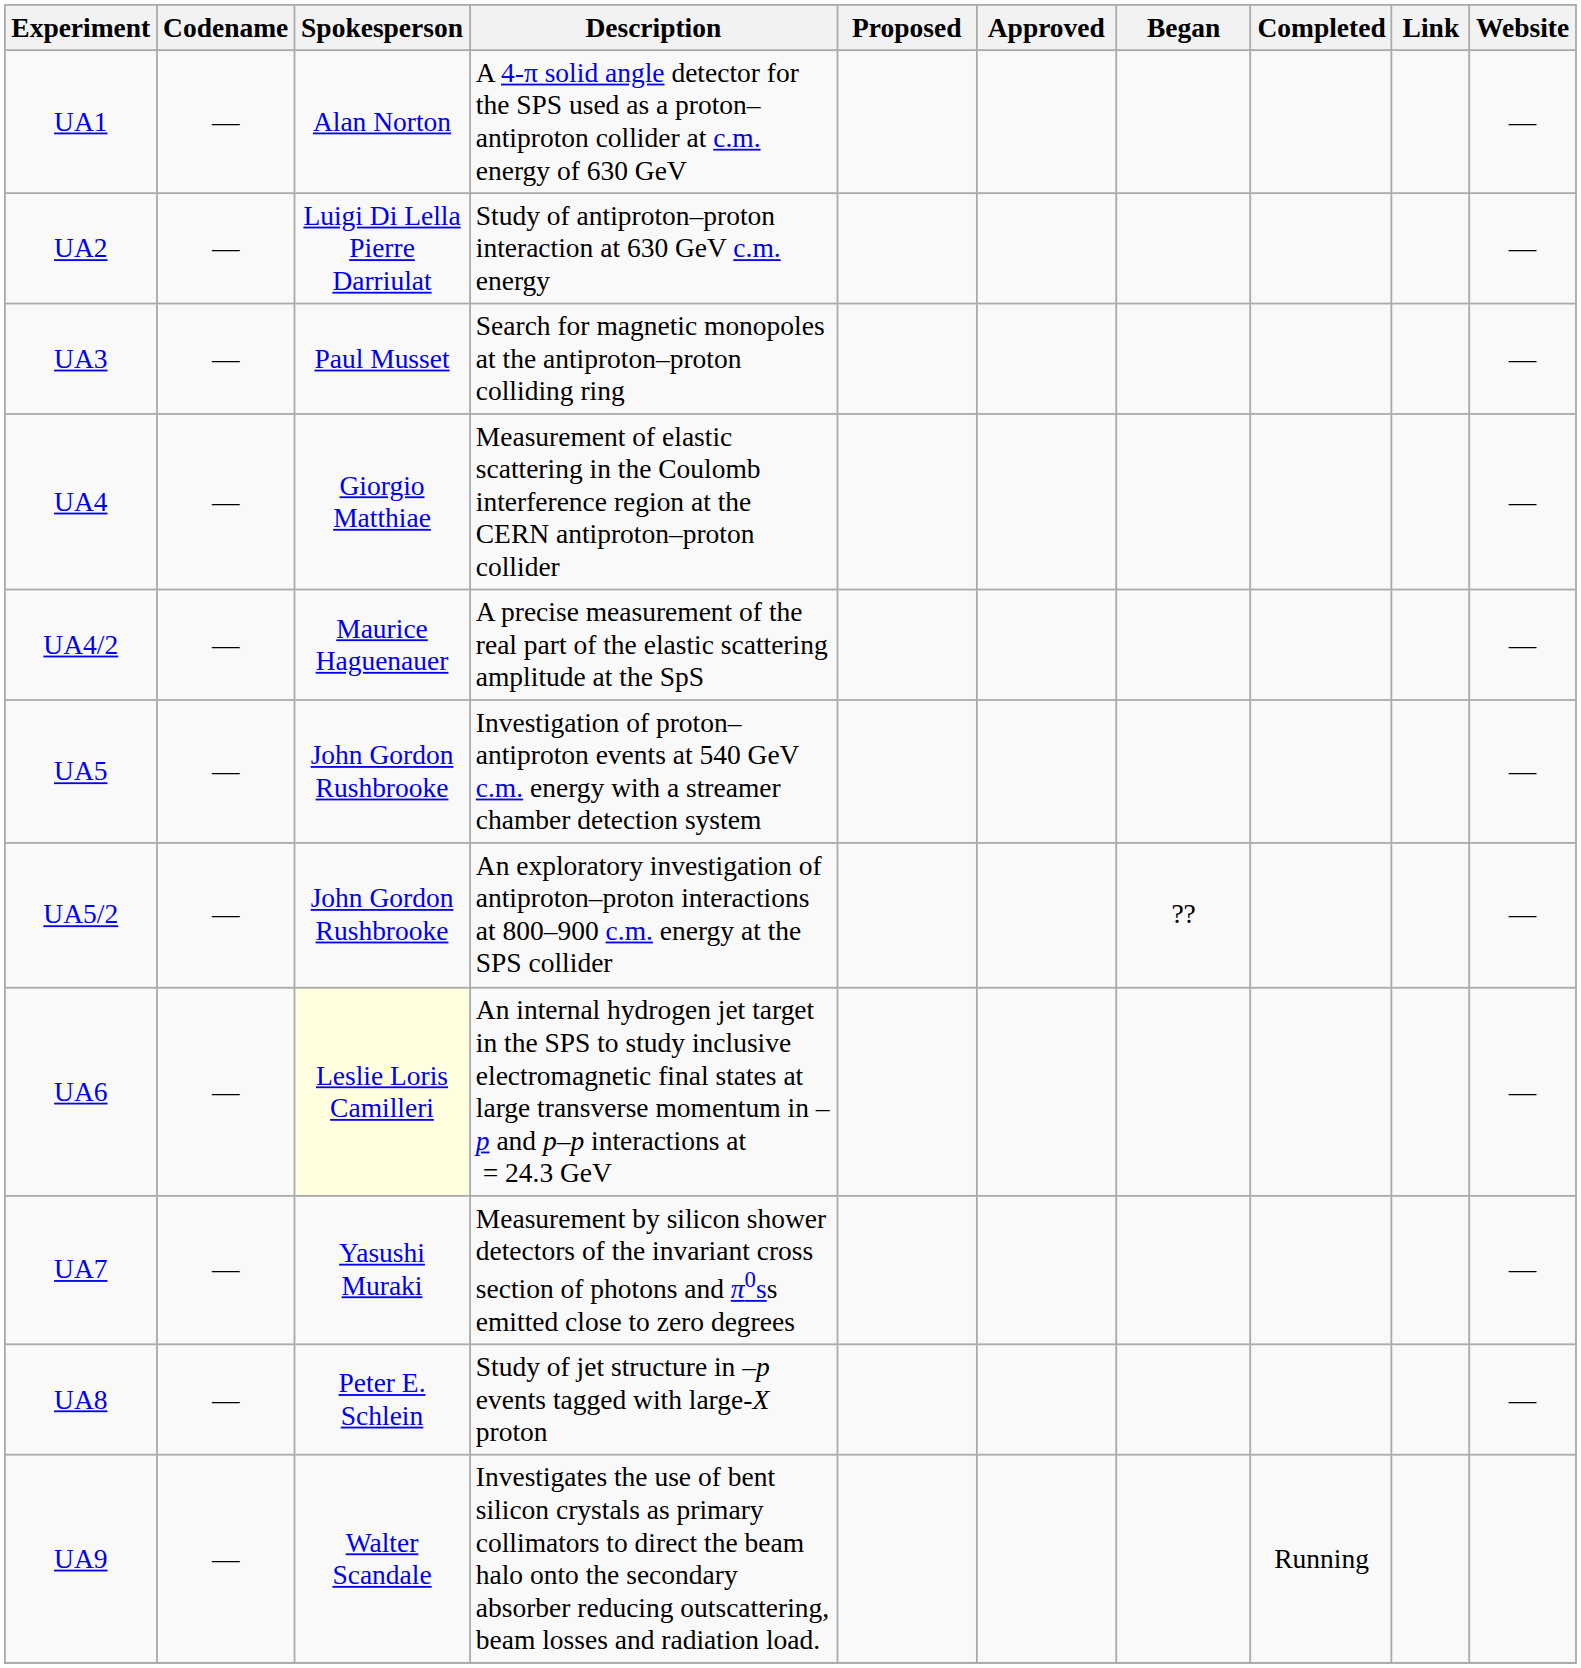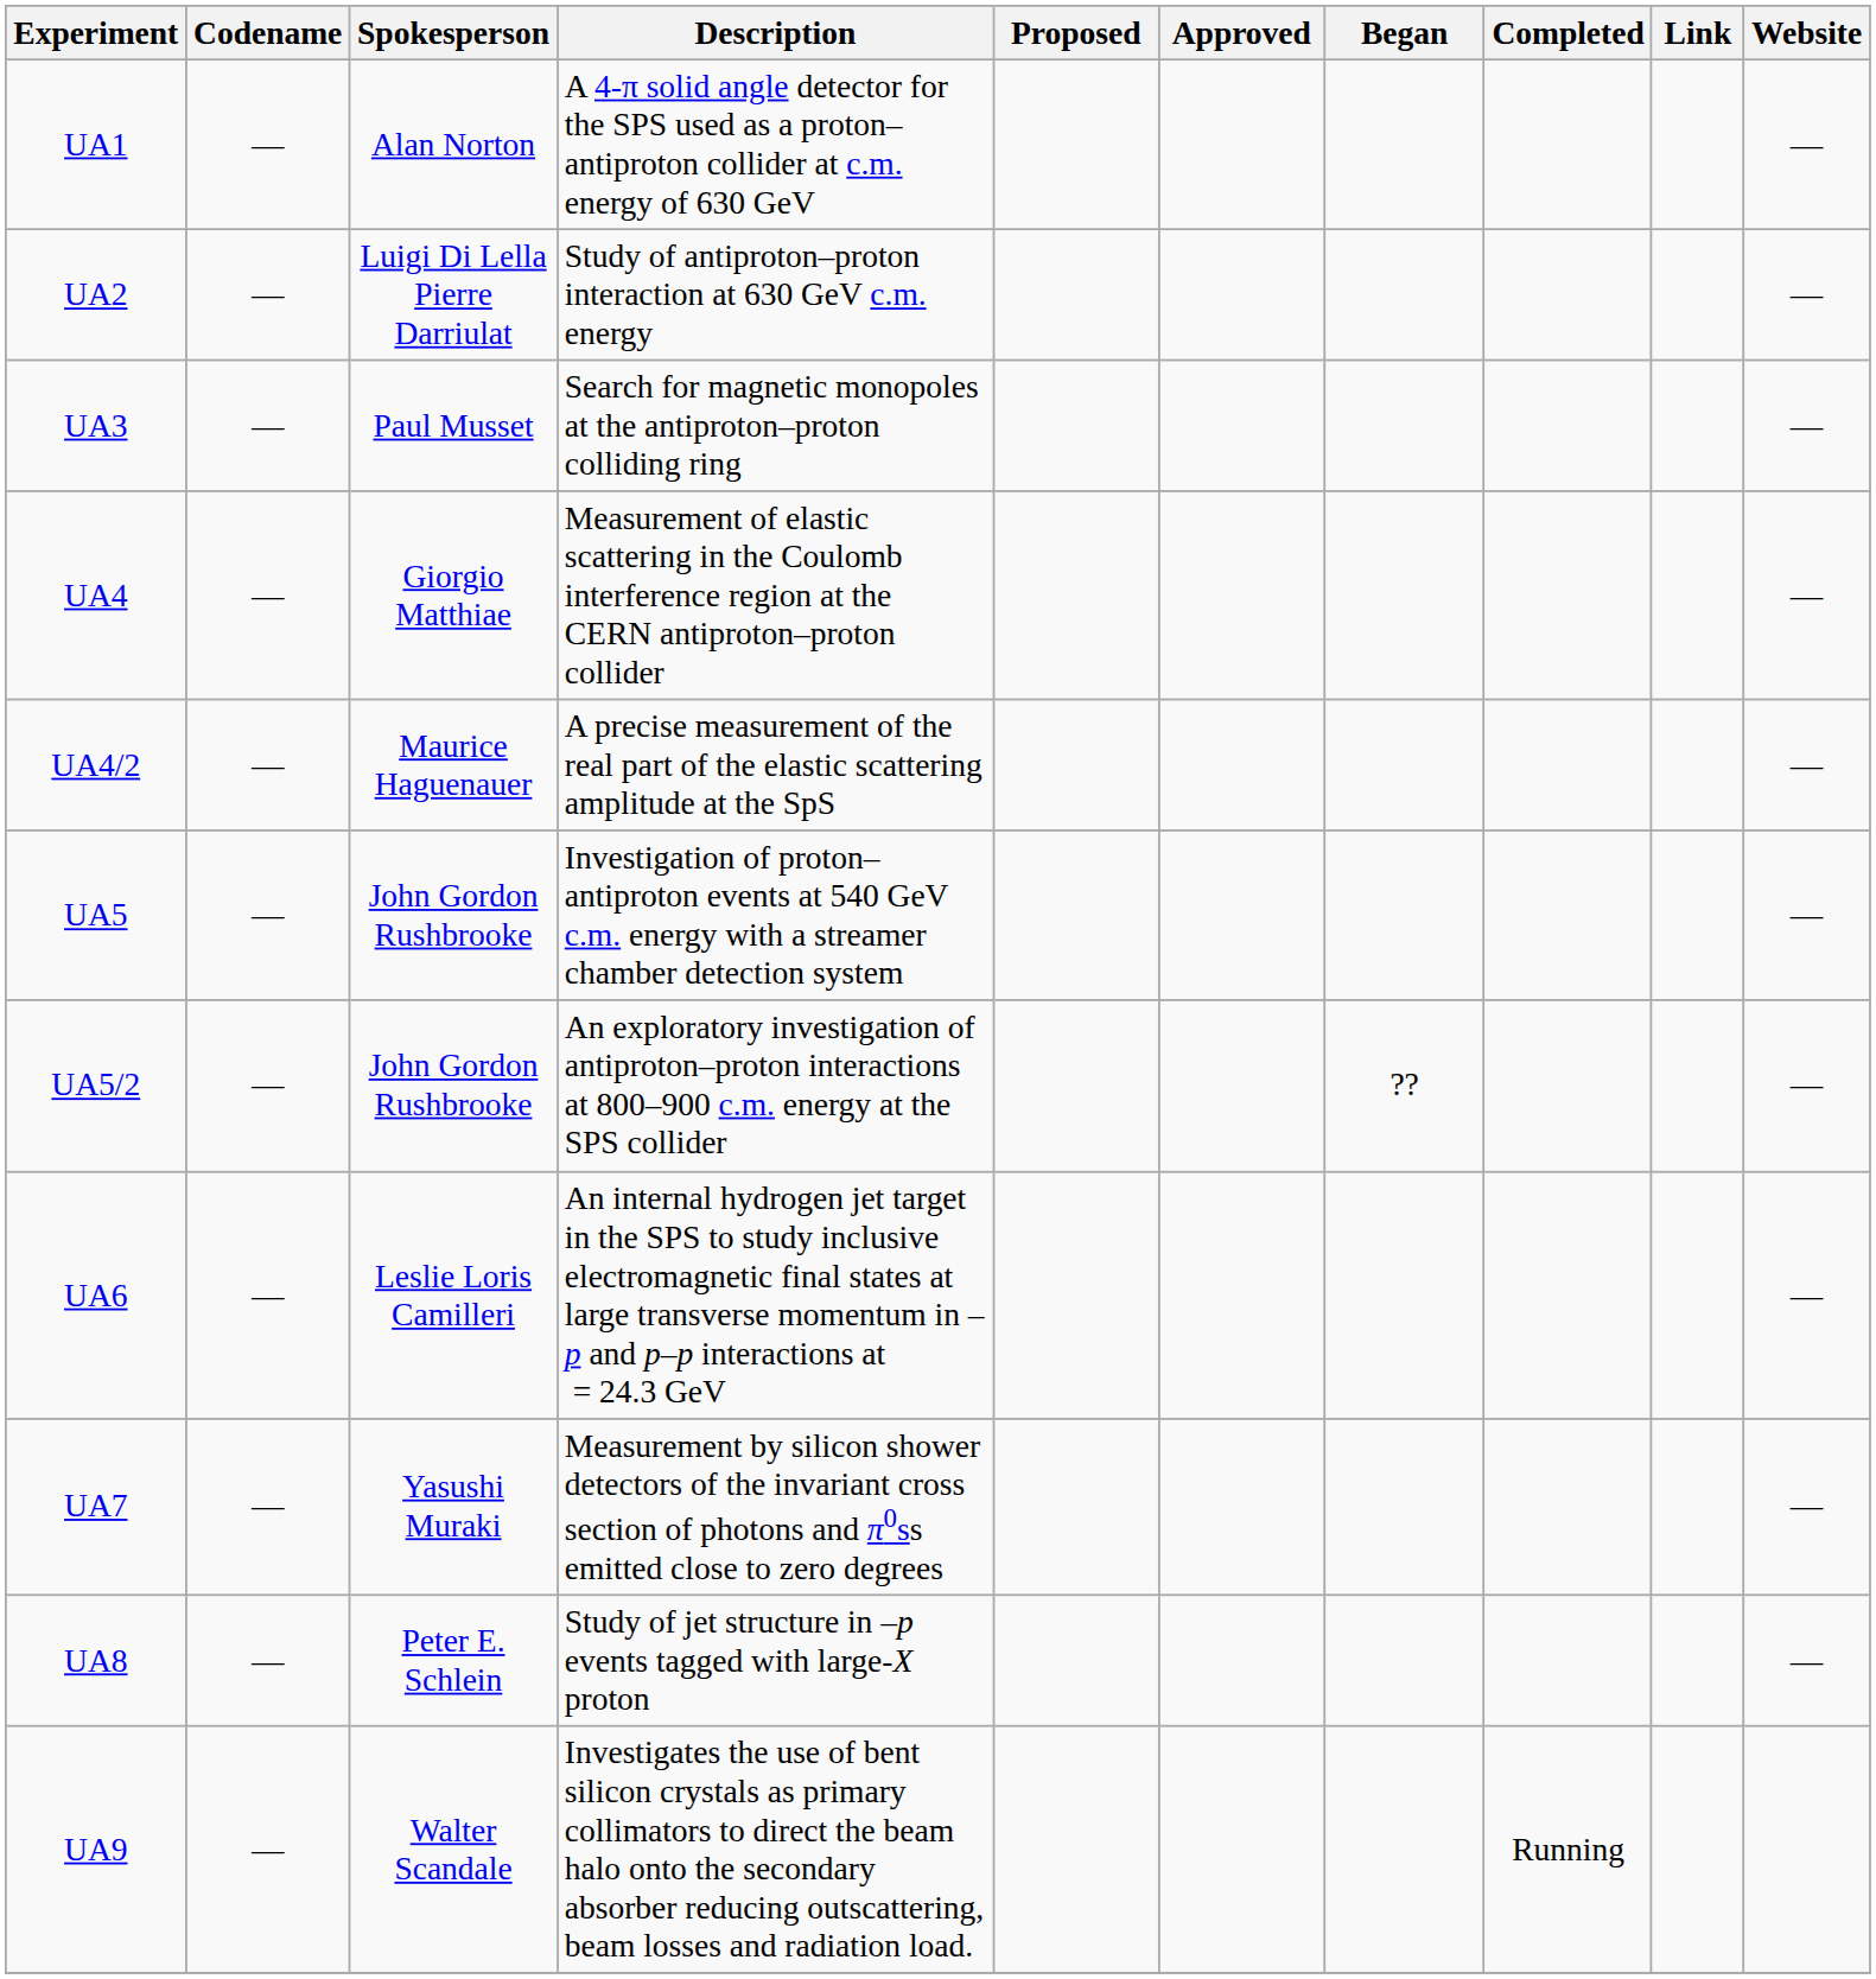 <table class="wikitable sortable" style="text-align:center; font-size:95%;">
 <tr>
 <th width="5%">Experiment<br></th>
 <th width="5%">Codename<br></th>
 <th width="7%">Spokesperson<br></th>
 <th class="unsortable" width="25%">Description<br></th>
 <th width="9%">Proposed<br></th>
 <th width="9%">Approved<br></th>
 <th width="9%">Began<br></th>
 <th width="9%">Completed<br></th>
 <th class="unsortable" width="5%">Link<br></th>
 <th width="5%">Website<br></th>
 </tr>
 <tr>
 <td><a href='#'>UA1</a></td>
 <td>—</td>
 <td><a href='#'>Alan Norton</a></td>
 <td align="left">A <a href='#'>4-π solid angle</a> detector for the SPS used as a proton–antiproton collider at <a href='#'>c.m.</a> energy of 630 GeV</td>
 <td></td>
 <td></td>
 <td></td>
 <td></td>
 <td><br><br></td>
 <td>—</td>
 </tr>
 <tr>
 <td><a href='#'>UA2</a></td>
 <td>—</td>
 <td><a href='#'>Luigi Di Lella</a> <a href='#'>Pierre Darriulat</a></td>
 <td align="left">Study of antiproton–proton interaction at 630 GeV <a href='#'>c.m.</a> energy</td>
 <td></td>
 <td></td>
 <td></td>
 <td></td>
 <td><br></td>
 <td>—</td>
 </tr>
 <tr>
 <td><a href='#'>UA3</a></td>
 <td>—</td>
 <td><a href='#'>Paul Musset</a></td>
 <td align="left">Search for magnetic monopoles at the antiproton–proton colliding ring</td>
 <td></td>
 <td></td>
 <td></td>
 <td></td>
 <td><br></td>
 <td>—</td>
 </tr>
 <tr>
 <td><a href='#'>UA4</a></td>
 <td>—</td>
 <td><a href='#'>Giorgio Matthiae</a></td>
 <td align="left">Measurement of elastic scattering in the Coulomb interference region at the CERN antiproton–proton collider</td>
 <td></td>
 <td></td>
 <td></td>
 <td></td>
 <td><br></td>
 <td>—</td>
 </tr>
 <tr>
 <td><a href='#'>UA4/2</a></td>
 <td>—</td>
 <td><a href='#'>Maurice Haguenauer</a></td>
 <td align="left">A precise measurement of the real part of the elastic scattering amplitude at the SpS</td>
 <td></td>
 <td></td>
 <td></td>
 <td></td>
 <td><br></td>
 <td>—</td>
 </tr>
 <tr>
 <td><a href='#'>UA5</a></td>
 <td>—</td>
 <td><a href='#'>John Gordon Rushbrooke</a></td>
 <td align="left">Investigation of proton–antiproton events at 540 GeV <a href='#'>c.m.</a> energy with a streamer chamber detection system</td>
 <td></td>
 <td></td>
 <td></td>
 <td></td>
 <td><br></td>
 <td>—</td>
 </tr>
 <tr>
 <td><a href='#'>UA5/2</a></td>
 <td>—</td>
 <td><a href='#'>John Gordon Rushbrooke</a></td>
 <td align="left">An exploratory investigation of antiproton–proton interactions at 800–900 <a href='#'>c.m.</a> energy at the SPS collider</td>
 <td></td>
 <td></td>
 <td>??</td>
 <td></td>
 <td><br></td>
 <td>—</td>
 </tr>
 <tr>
 <td><a href='#'>UA6</a></td>
 <td>—</td>
-<td style="background: lightyellow;"><a href='#'>Leslie Loris Camilleri</a></td>
+<td><a href='#'>Leslie Loris Camilleri</a></td>
 <td align="left">An internal hydrogen jet target in the SPS to study inclusive electromagnetic final states at large transverse momentum in <em><a href='#'></a></em>–<em><a href='#'>p</a></em> and <em>p</em>–<em>p</em> interactions at  = 24.3 GeV</td>
 <td></td>
 <td></td>
 <td></td>
 <td></td>
 <td><br></td>
 <td>—</td>
 </tr>
 <tr>
 <td><a href='#'>UA7</a></td>
 <td>—</td>
 <td><a href='#'>Yasushi Muraki</a></td>
 <td align="left">Measurement by silicon shower detectors of the invariant cross section of photons and <a href='#'><em>π</em><sup>0</sup>s</a>s emitted close to zero degrees</td>
 <td></td>
 <td></td>
 <td></td>
 <td></td>
 <td><br></td>
 <td>—</td>
 </tr>
 <tr>
 <td><a href='#'>UA8</a></td>
 <td>—</td>
 <td><a href='#'>Peter E. Schlein</a></td>
 <td align="left">Study of jet structure in <em><a href='#'></a></em>–<em>p</em> events tagged with large-<em>X</em> proton</td>
 <td></td>
 <td></td>
 <td></td>
 <td></td>
 <td><br></td>
 <td>—</td>
 </tr>
 <tr>
 <td><a href='#'>UA9</a></td>
 <td>—</td>
 <td><a href='#'>Walter Scandale</a></td>
 <td align="left">Investigates the use of bent silicon crystals as primary collimators to direct the beam halo onto the secondary absorber reducing outscattering, beam losses and radiation load.</td>
 <td></td>
 <td></td>
 <td></td>
 <td>Running</td>
 <td><br></td>
 <td></td>
 </tr>
 <tr>
 </tr>
 </table>
